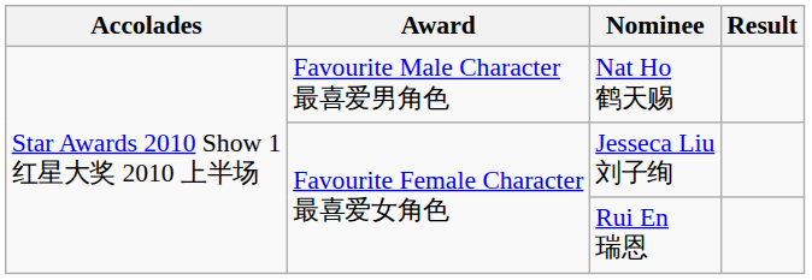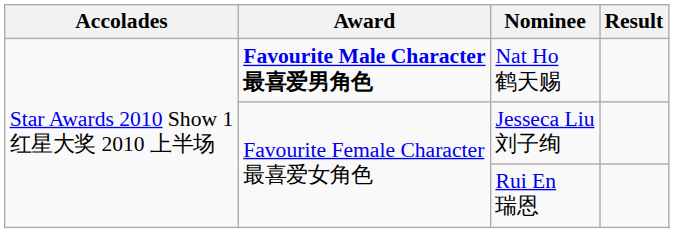 <table class="wikitable">
 <tr>
 <th>Accolades</th>
 <th>Award</th>
 <th>Nominee</th>
 <th>Result</th>
 </tr>
 <tr>
 <td rowspan="3"><a href='#'>Star Awards 2010</a> Show 1 <br> 红星大奖 2010 上半场</td>
-<td><a href='#'>Favourite Male Character</a> <br> 最喜爱男角色</td>
+<td><strong><a href='#'>Favourite Male Character</a> <br> 最喜爱男角色</strong></td>
 <td><a href='#'>Nat Ho</a> <br> 鹤天赐</td>
 <td></td>
 </tr>
 <tr>
 <td rowspan="2"><a href='#'>Favourite Female Character</a> <br> 最喜爱女角色</td>
 <td><a href='#'>Jesseca Liu</a> <br> 刘子绚</td>
 <td></td>
 </tr>
 <tr>
 <td><a href='#'>Rui En</a> <br> 瑞恩</td>
 <td></td>
 </tr>
 </table>
